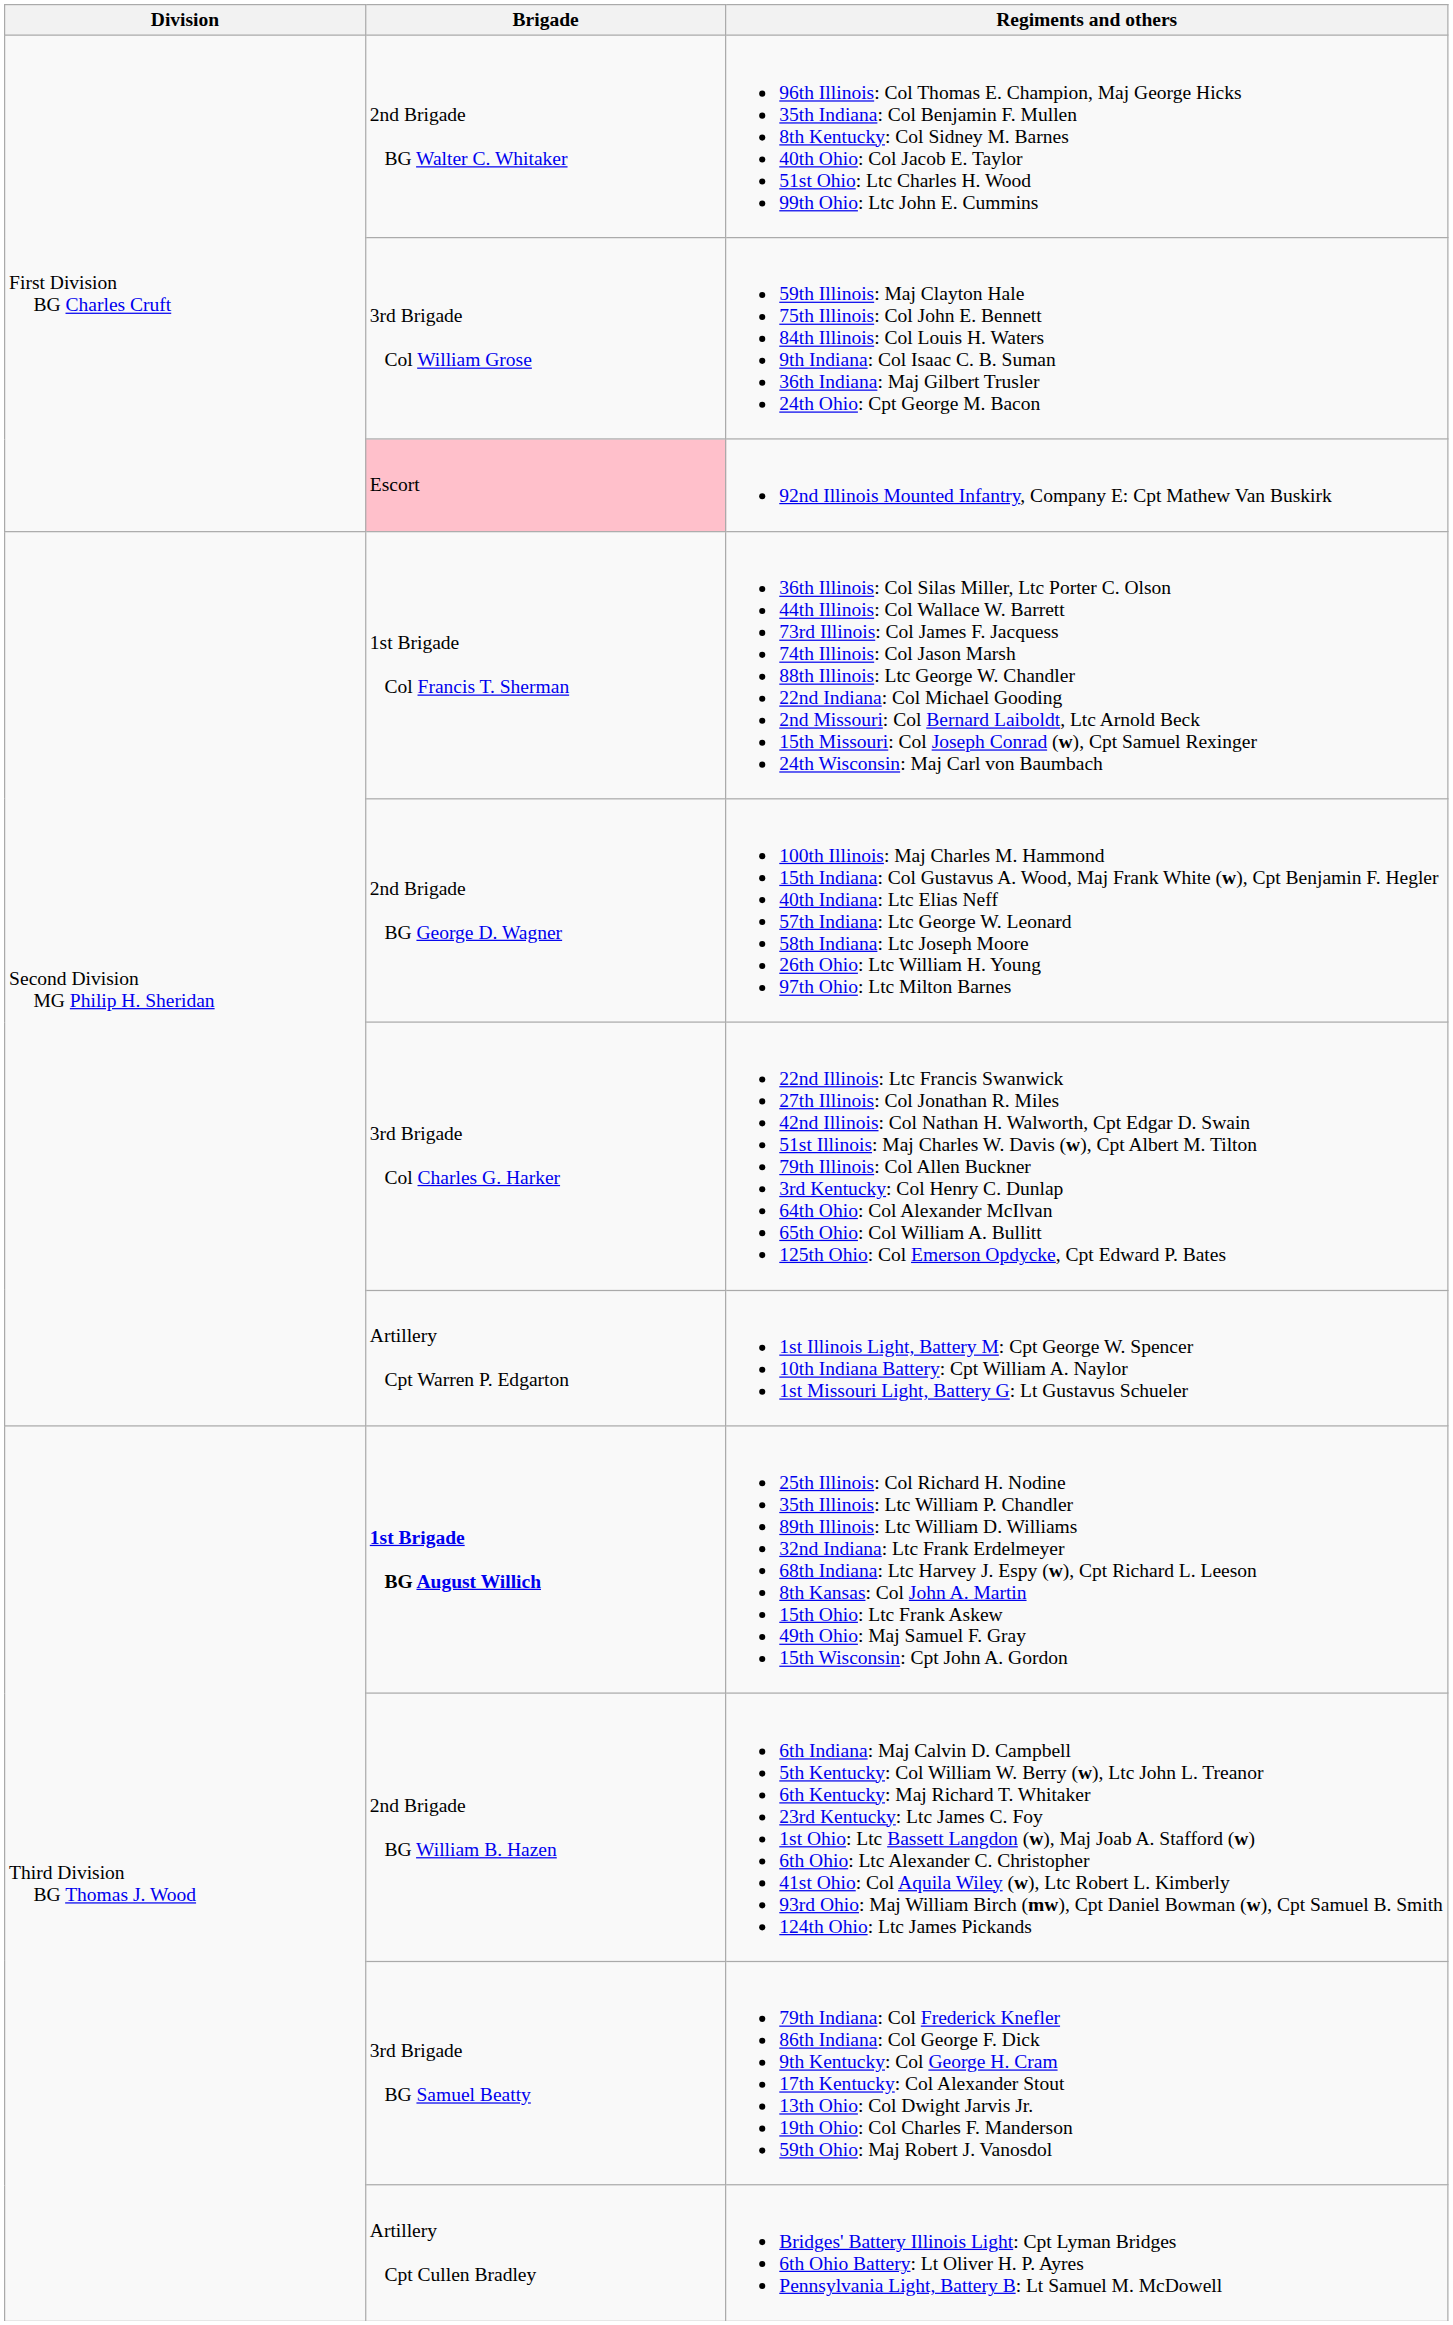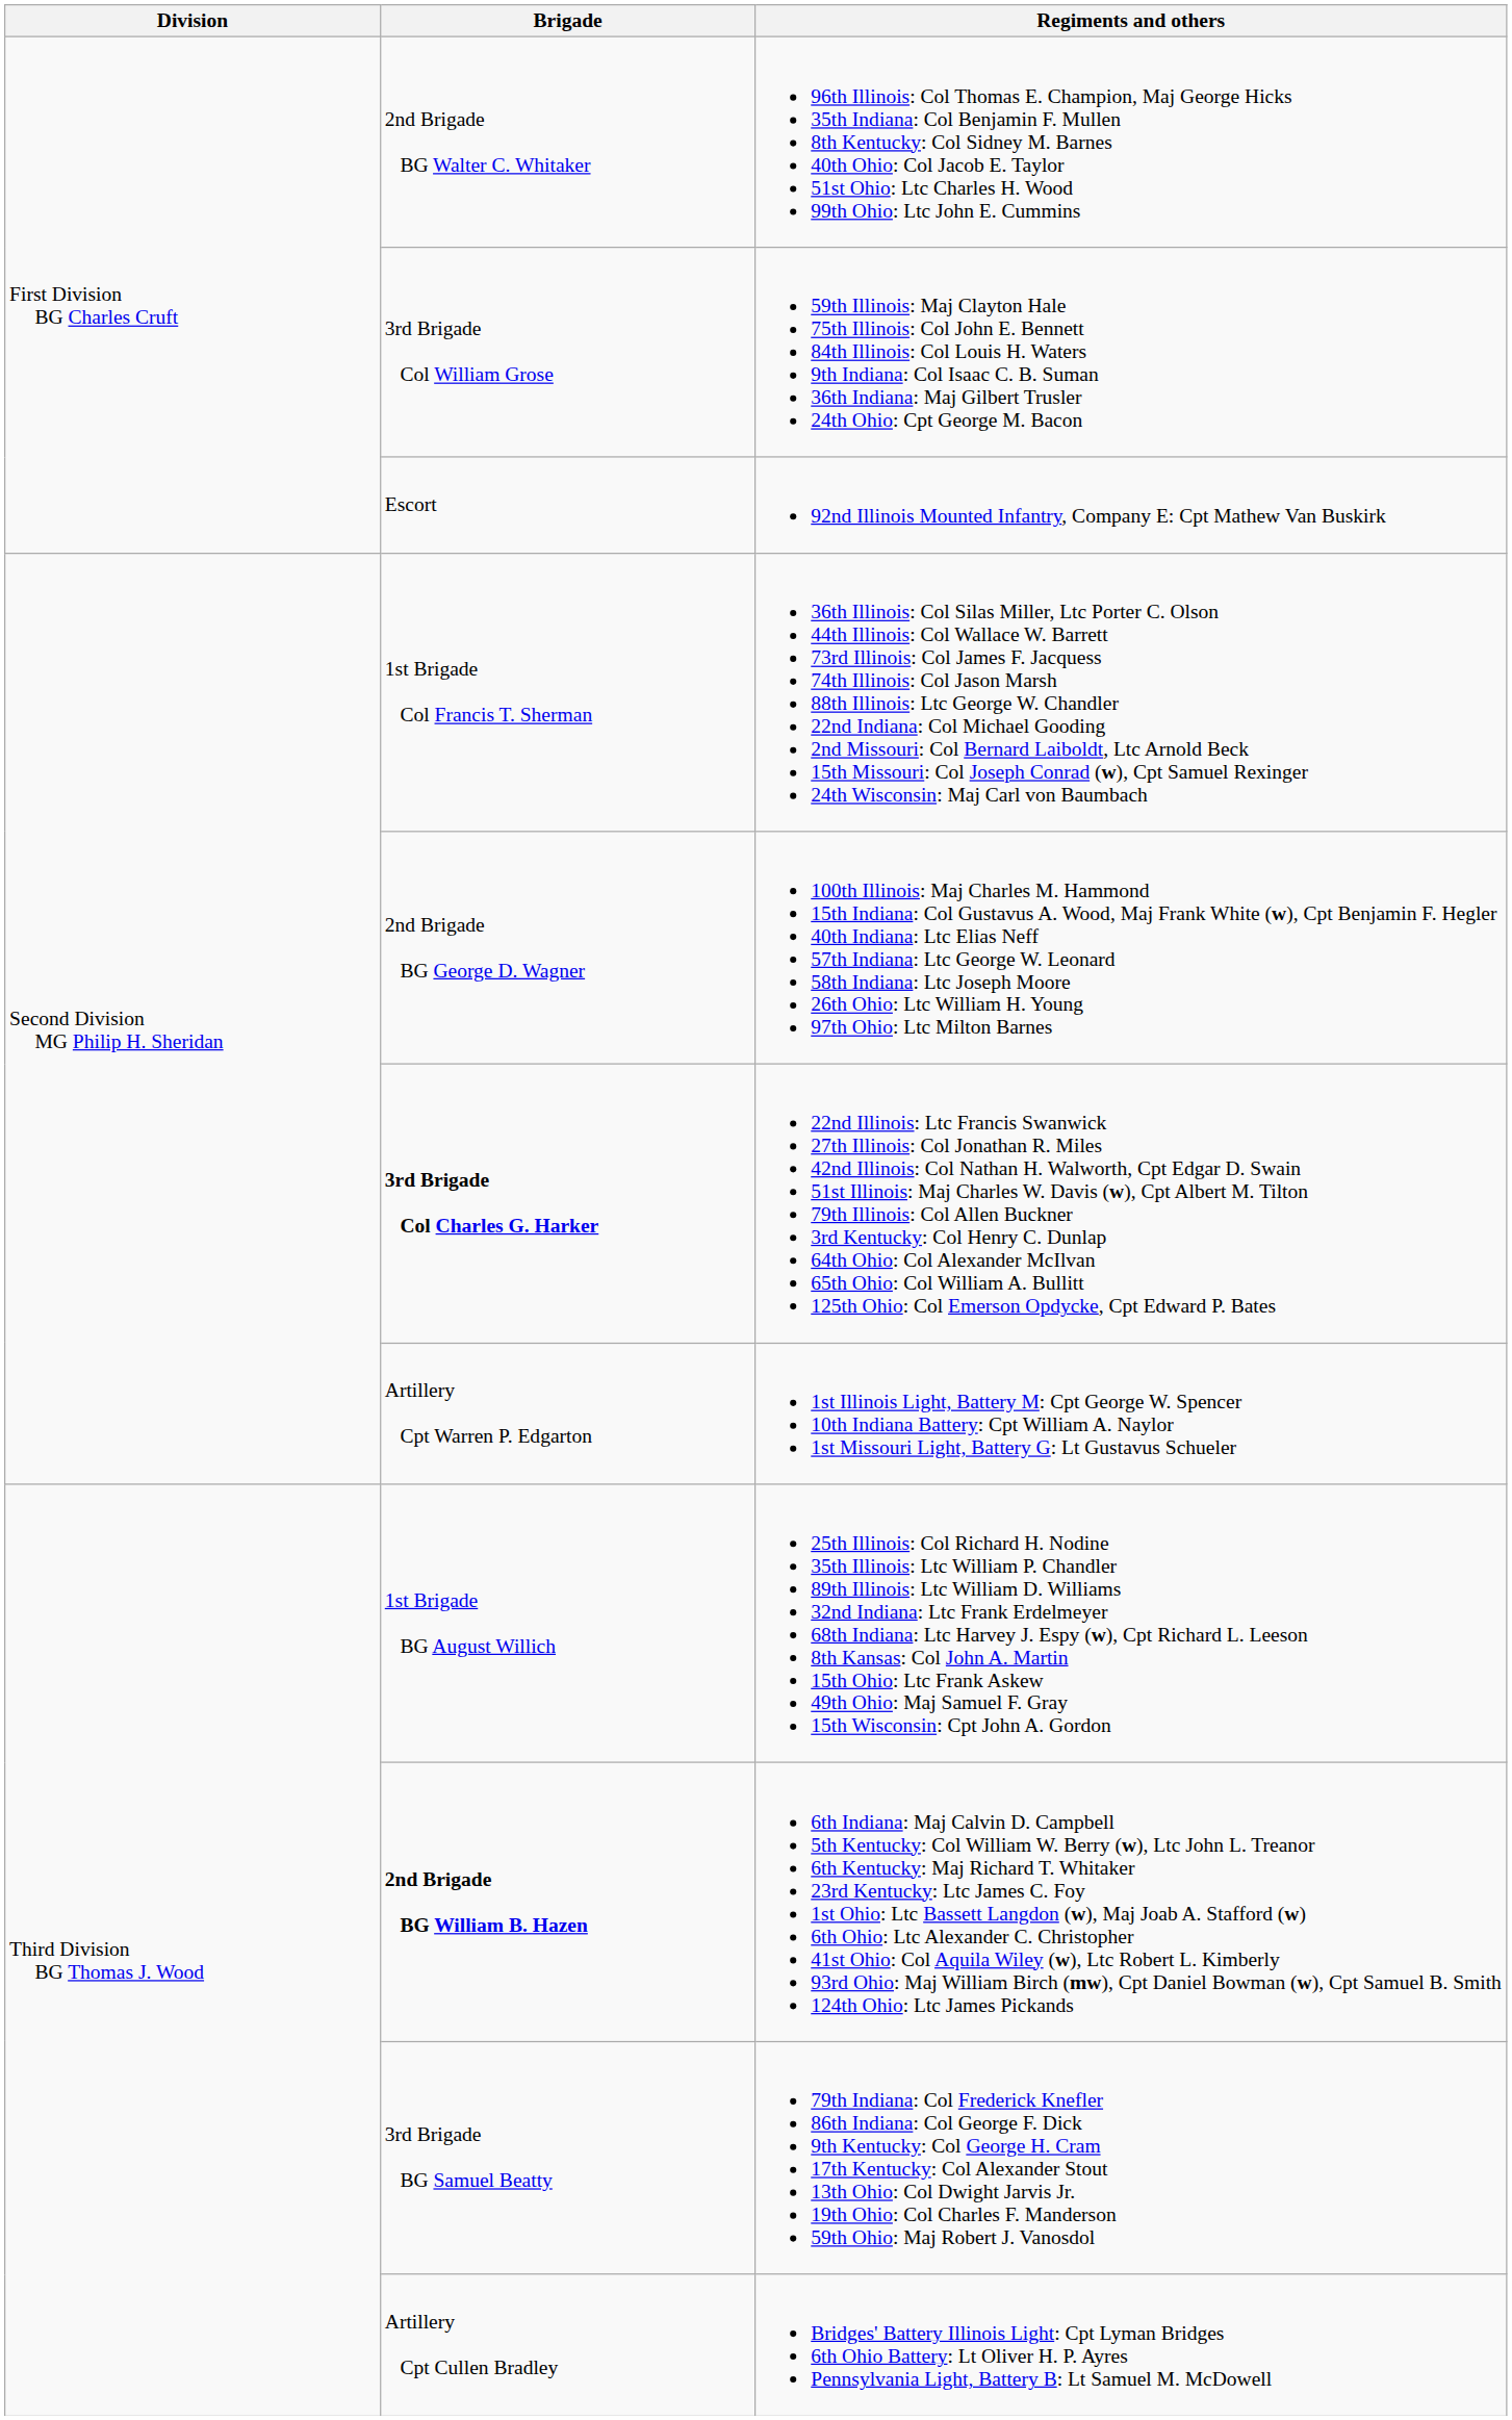 <table class="wikitable">
 <tr>
 <th width=25%>Division</th>
 <th width=25%>Brigade</th>
 <th>Regiments and others</th>
 </tr>
 <tr>
 <td rowspan=3><br>First Division <br>     BG <a href='#'>Charles Cruft</a></td>
 <td>2nd Brigade<br><br>   BG <a href='#'>Walter C. Whitaker</a></td>
 <td colspan="1" style="text-align: left;"><br><ul><li><a href='#'>96th Illinois</a>: Col Thomas E. Champion, Maj George Hicks</li><li><a href='#'>35th Indiana</a>: Col Benjamin F. Mullen</li><li><a href='#'>8th Kentucky</a>: Col Sidney M. Barnes</li><li><a href='#'>40th Ohio</a>: Col Jacob E. Taylor</li><li><a href='#'>51st Ohio</a>: Ltc Charles H. Wood</li><li><a href='#'>99th Ohio</a>: Ltc John E. Cummins</li></ul></td>
 </tr>
 <tr>
 <td>3rd Brigade<br><br>   Col <a href='#'>William Grose</a></td>
 <td colspan="1" style="text-align: left;"><br><ul><li><a href='#'>59th Illinois</a>: Maj Clayton Hale</li><li><a href='#'>75th Illinois</a>: Col John E. Bennett</li><li><a href='#'>84th Illinois</a>: Col Louis H. Waters</li><li><a href='#'>9th Indiana</a>: Col Isaac C. B. Suman</li><li><a href='#'>36th Indiana</a>: Maj Gilbert Trusler</li><li><a href='#'>24th Ohio</a>: Cpt George M. Bacon</li></ul></td>
 </tr>
 <tr>
-<td style="background: pink;">Escort</td>
+<td>Escort</td>
 <td><br><ul><li><a href='#'>92nd Illinois Mounted Infantry</a>, Company E: Cpt Mathew Van Buskirk</li></ul></td>
 </tr>
 <tr>
 <td rowspan=4><br>Second Division <br>     MG <a href='#'>Philip H. Sheridan</a></td>
 <td>1st Brigade<br><br>   Col <a href='#'>Francis T. Sherman</a></td>
 <td colspan="1" style="text-align: left;"><br><ul><li><a href='#'>36th Illinois</a>: Col Silas Miller, Ltc Porter C. Olson</li><li><a href='#'>44th Illinois</a>: Col Wallace W. Barrett</li><li><a href='#'>73rd Illinois</a>: Col James F. Jacquess</li><li><a href='#'>74th Illinois</a>: Col Jason Marsh</li><li><a href='#'>88th Illinois</a>: Ltc George W. Chandler</li><li><a href='#'>22nd Indiana</a>: Col Michael Gooding</li><li><a href='#'>2nd Missouri</a>: Col <a href='#'>Bernard Laiboldt</a>, Ltc Arnold Beck</li><li><a href='#'>15th Missouri</a>: Col <a href='#'>Joseph Conrad</a> (<strong>w</strong>), Cpt Samuel Rexinger</li><li><a href='#'>24th Wisconsin</a>: Maj Carl von Baumbach</li></ul></td>
 </tr>
 <tr>
 <td>2nd Brigade<br><br>   BG <a href='#'>George D. Wagner</a></td>
 <td colspan="1" style="text-align: left;"><br><ul><li><a href='#'>100th Illinois</a>: Maj Charles M. Hammond</li><li><a href='#'>15th Indiana</a>: Col Gustavus A. Wood, Maj Frank White (<strong>w</strong>), Cpt Benjamin F. Hegler</li><li><a href='#'>40th Indiana</a>: Ltc Elias Neff</li><li><a href='#'>57th Indiana</a>: Ltc George W. Leonard</li><li><a href='#'>58th Indiana</a>: Ltc Joseph Moore</li><li><a href='#'>26th Ohio</a>: Ltc William H. Young</li><li><a href='#'>97th Ohio</a>: Ltc Milton Barnes</li></ul></td>
 </tr>
 <tr>
-<td>3rd Brigade<br><br>   Col <a href='#'>Charles G. Harker</a></td>
+<td><strong>3rd Brigade<br><br>   Col <a href='#'>Charles G. Harker</a></strong></td>
 <td colspan="1" style="text-align: left;"><br><ul><li><a href='#'>22nd Illinois</a>: Ltc Francis Swanwick</li><li><a href='#'>27th Illinois</a>: Col Jonathan R. Miles</li><li><a href='#'>42nd Illinois</a>: Col Nathan H. Walworth, Cpt Edgar D. Swain</li><li><a href='#'>51st Illinois</a>: Maj Charles W. Davis (<strong>w</strong>), Cpt Albert M. Tilton</li><li><a href='#'>79th Illinois</a>: Col Allen Buckner</li><li><a href='#'>3rd Kentucky</a>: Col Henry C. Dunlap</li><li><a href='#'>64th Ohio</a>: Col Alexander McIlvan</li><li><a href='#'>65th Ohio</a>: Col William A. Bullitt</li><li><a href='#'>125th Ohio</a>: Col <a href='#'>Emerson Opdycke</a>, Cpt Edward P. Bates</li></ul></td>
 </tr>
 <tr>
 <td>Artillery<br><br>   Cpt Warren P. Edgarton</td>
 <td colspan="1" style="text-align: left;"><br><ul><li><a href='#'>1st Illinois Light, Battery M</a>: Cpt George W. Spencer</li><li><a href='#'>10th Indiana Battery</a>: Cpt William A. Naylor</li><li><a href='#'>1st Missouri Light, Battery G</a>: Lt Gustavus Schueler</li></ul></td>
 </tr>
 <tr>
 <td rowspan=4><br>Third Division <br>     BG <a href='#'>Thomas J. Wood</a></td>
-<td><strong><a href='#'>1st Brigade</a><br><br>   BG <a href='#'>August Willich</a></strong></td>
+<td><a href='#'>1st Brigade</a><br><br>   BG <a href='#'>August Willich</a></td>
 <td colspan="1" style="text-align: left;"><br><ul><li><a href='#'>25th Illinois</a>: Col Richard H. Nodine</li><li><a href='#'>35th Illinois</a>: Ltc William P. Chandler</li><li><a href='#'>89th Illinois</a>: Ltc William D. Williams</li><li><a href='#'>32nd Indiana</a>: Ltc Frank Erdelmeyer</li><li><a href='#'>68th Indiana</a>: Ltc Harvey J. Espy (<strong>w</strong>), Cpt Richard L. Leeson</li><li><a href='#'>8th Kansas</a>: Col <a href='#'>John A. Martin</a></li><li><a href='#'>15th Ohio</a>: Ltc Frank Askew</li><li><a href='#'>49th Ohio</a>: Maj Samuel F. Gray</li><li><a href='#'>15th Wisconsin</a>: Cpt John A. Gordon</li></ul></td>
 </tr>
 <tr>
-<td>2nd Brigade<br><br>   BG <a href='#'>William B. Hazen</a></td>
+<td><strong>2nd Brigade<br><br>   BG <a href='#'>William B. Hazen</a></strong></td>
 <td colspan="1" style="text-align: left;"><br><ul><li><a href='#'>6th Indiana</a>: Maj Calvin D. Campbell</li><li><a href='#'>5th Kentucky</a>: Col William W. Berry (<strong>w</strong>), Ltc John L. Treanor</li><li><a href='#'>6th Kentucky</a>: Maj Richard T. Whitaker</li><li><a href='#'>23rd Kentucky</a>: Ltc James C. Foy</li><li><a href='#'>1st Ohio</a>: Ltc <a href='#'>Bassett Langdon</a> (<strong>w</strong>), Maj Joab A. Stafford (<strong>w</strong>)</li><li><a href='#'>6th Ohio</a>: Ltc Alexander C. Christopher</li><li><a href='#'>41st Ohio</a>: Col <a href='#'>Aquila Wiley</a> (<strong>w</strong>), Ltc Robert L. Kimberly</li><li><a href='#'>93rd Ohio</a>: Maj William Birch (<strong>mw</strong>), Cpt Daniel Bowman (<strong>w</strong>), Cpt Samuel B. Smith</li><li><a href='#'>124th Ohio</a>: Ltc James Pickands</li></ul></td>
 </tr>
 <tr>
 <td>3rd Brigade<br><br>   BG <a href='#'>Samuel Beatty</a></td>
 <td colspan="1" style="text-align: left;"><br><ul><li><a href='#'>79th Indiana</a>: Col <a href='#'>Frederick Knefler</a></li><li><a href='#'>86th Indiana</a>: Col George F. Dick</li><li><a href='#'>9th Kentucky</a>: Col <a href='#'>George H. Cram</a></li><li><a href='#'>17th Kentucky</a>: Col Alexander Stout</li><li><a href='#'>13th Ohio</a>: Col Dwight Jarvis Jr.</li><li><a href='#'>19th Ohio</a>: Col Charles F. Manderson</li><li><a href='#'>59th Ohio</a>: Maj Robert J. Vanosdol</li></ul></td>
 </tr>
 <tr>
 <td>Artillery<br><br>   Cpt Cullen Bradley</td>
 <td colspan="1" style="text-align: left;"><br><ul><li><a href='#'>Bridges' Battery Illinois Light</a>: Cpt Lyman Bridges</li><li><a href='#'>6th Ohio Battery</a>: Lt Oliver H. P. Ayres</li><li><a href='#'>Pennsylvania Light, Battery B</a>: Lt Samuel M. McDowell</li></ul></td>
 </tr>
 </table>
